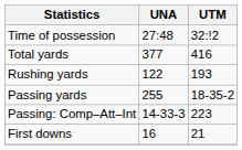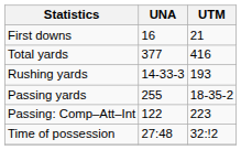 <table class="wikitable" style="float: left;">
 <tr>
 <th>Statistics</th>
 <th>UNA</th>
 <th>UTM</th>
 </tr>
 <tr>
-<td>Time of possession</td>
-<td>27:48</td>
-<td>32:!2</td>
+<td>First downs</td>
+<td>16</td>
+<td>21</td>
 </tr>
 <tr>
 <td>Total yards</td>
 <td>377</td>
 <td>416</td>
 </tr>
 <tr>
 <td>Rushing yards</td>
-<td>122</td>
+<td>14-33-3</td>
 <td>193</td>
 </tr>
 <tr>
 <td>Passing yards</td>
 <td>255</td>
 <td>18-35-2</td>
 </tr>
 <tr>
 <td>Passing: Comp–Att–Int</td>
-<td>14-33-3</td>
+<td>122</td>
 <td>223</td>
 </tr>
 <tr>
-<td>First downs</td>
-<td>16</td>
-<td>21</td>
+<td>Time of possession</td>
+<td>27:48</td>
+<td>32:!2</td>
 </tr>
 <tr>
 </tr>
 </table>
